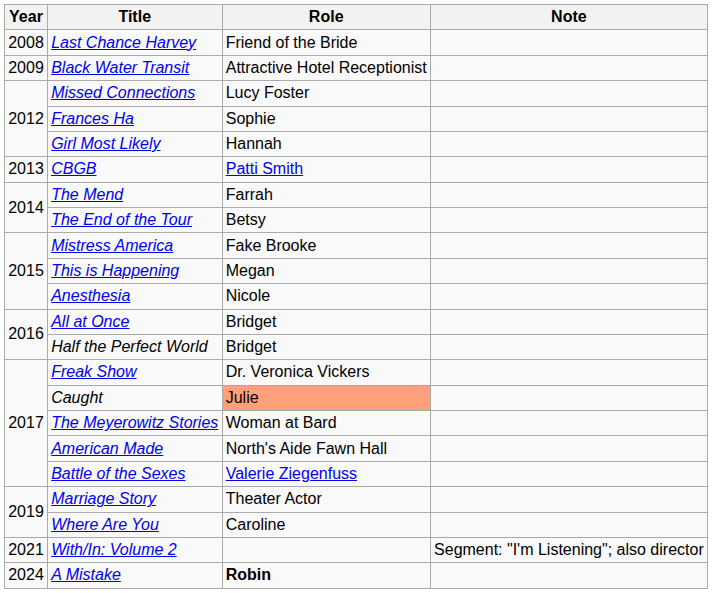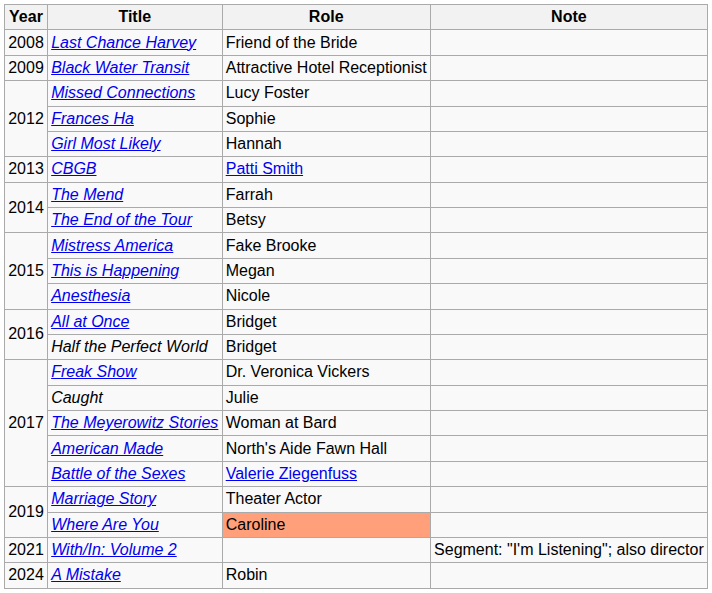 <table class="wikitable">
 <tr>
 <th>Year</th>
 <th>Title</th>
 <th>Role</th>
 <th>Note</th>
 </tr>
 <tr>
 <td>2008</td>
 <td><em><a href='#'>Last Chance Harvey</a></em></td>
 <td>Friend of the Bride</td>
 <td></td>
 </tr>
 <tr>
 <td>2009</td>
 <td><em><a href='#'>Black Water Transit</a></em></td>
 <td>Attractive Hotel Receptionist</td>
 <td></td>
 </tr>
 <tr>
 <td rowspan="3">2012</td>
 <td><em><a href='#'>Missed Connections</a></em></td>
 <td>Lucy Foster</td>
 <td></td>
 </tr>
 <tr>
 <td><em><a href='#'>Frances Ha</a></em></td>
 <td>Sophie</td>
 <td></td>
 </tr>
 <tr>
 <td><em><a href='#'>Girl Most Likely</a></em></td>
 <td>Hannah</td>
 <td></td>
 </tr>
 <tr>
 <td>2013</td>
 <td><em><a href='#'>CBGB</a></em></td>
 <td><a href='#'>Patti Smith</a></td>
 <td></td>
 </tr>
 <tr>
 <td rowspan="2">2014</td>
 <td><em><a href='#'>The Mend</a></em></td>
 <td>Farrah</td>
 <td></td>
 </tr>
 <tr>
 <td><em><a href='#'>The End of the Tour</a></em></td>
 <td>Betsy</td>
 <td></td>
 </tr>
 <tr>
 <td rowspan="3">2015</td>
 <td><em><a href='#'>Mistress America</a></em></td>
 <td>Fake Brooke</td>
 <td></td>
 </tr>
 <tr>
 <td><em><a href='#'>This is Happening</a></em></td>
 <td>Megan</td>
 <td></td>
 </tr>
 <tr>
 <td><em><a href='#'>Anesthesia</a></em></td>
 <td>Nicole</td>
 <td></td>
 </tr>
 <tr>
 <td rowspan="2">2016</td>
 <td><em><a href='#'>All at Once</a></em></td>
 <td>Bridget</td>
 <td></td>
 </tr>
 <tr>
 <td><em>Half the Perfect World</em></td>
 <td>Bridget</td>
 <td></td>
 </tr>
 <tr>
 <td rowspan="5">2017</td>
 <td><em><a href='#'>Freak Show</a></em></td>
 <td>Dr. Veronica Vickers</td>
 <td></td>
 </tr>
 <tr>
 <td><em>Caught</em></td>
-<td style="background: lightsalmon;">Julie</td>
+<td>Julie</td>
 <td></td>
 </tr>
 <tr>
 <td><em><a href='#'>The Meyerowitz Stories</a></em></td>
 <td>Woman at Bard</td>
 <td></td>
 </tr>
 <tr>
 <td><em><a href='#'>American Made</a></em></td>
 <td>North's Aide Fawn Hall</td>
 <td></td>
 </tr>
 <tr>
 <td><em><a href='#'>Battle of the Sexes</a></em></td>
 <td><a href='#'>Valerie Ziegenfuss</a></td>
 <td></td>
 </tr>
 <tr>
 <td rowspan="2">2019</td>
 <td><em><a href='#'>Marriage Story</a></em></td>
 <td>Theater Actor</td>
 <td></td>
 </tr>
 <tr>
 <td><em><a href='#'>Where Are You</a></em></td>
-<td>Caroline</td>
+<td style="background: lightsalmon;">Caroline</td>
 <td></td>
 </tr>
 <tr>
 <td>2021</td>
 <td><em><a href='#'>With/In: Volume 2</a></em></td>
 <td></td>
 <td>Segment: "I'm Listening"; also director</td>
 </tr>
 <tr>
 <td>2024</td>
 <td><em><a href='#'>A Mistake</a></em></td>
-<td><strong>Robin</strong></td>
+<td>Robin</td>
 <td></td>
 </tr>
 </table>
